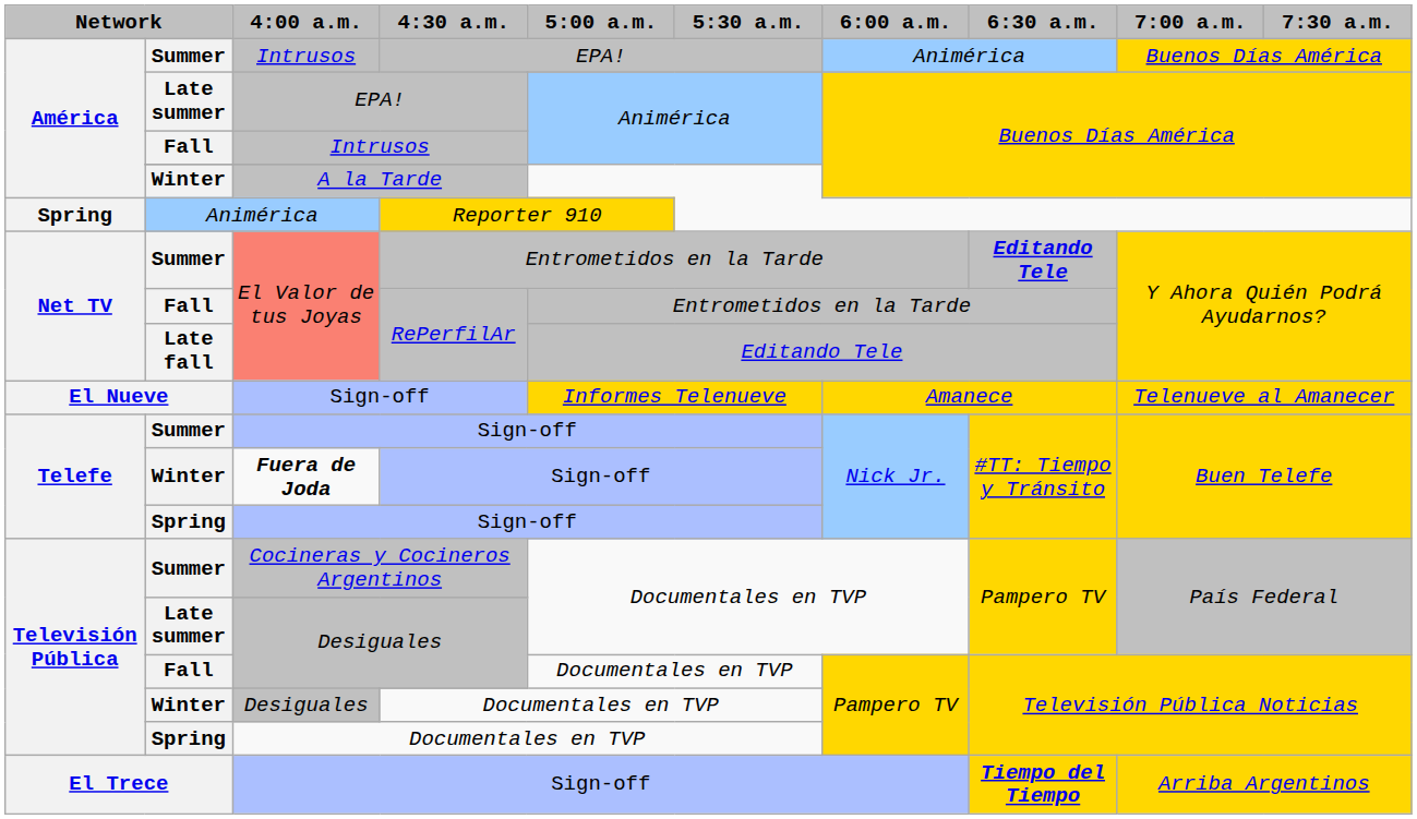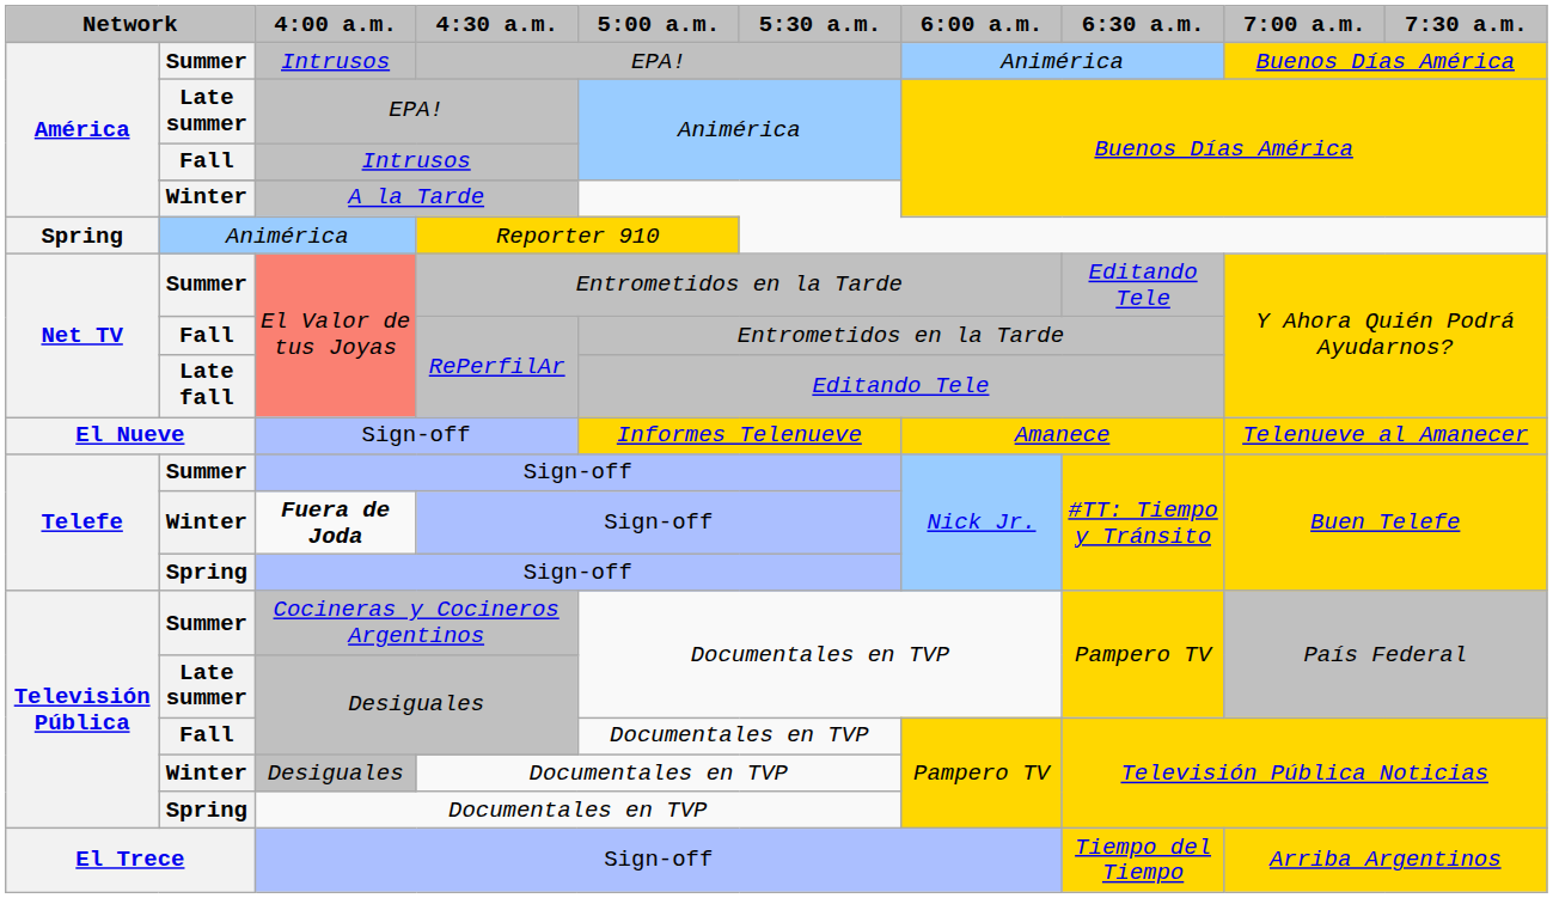 <table class="wikitable" style="width:100%;margin-right:0;text-align:center">
 <tr>
 <th colspan="2" style="background-color:#C0C0C0;width:13%;">Network</th>
 <th style="background-color:#C0C0C0;text-align:center;width:10%;">4:00 a.m.</th>
 <th style="background-color:#C0C0C0;text-align:center;width:10%;">4:30 a.m.</th>
 <th style="background-color:#C0C0C0;text-align:center;width:10%;">5:00 a.m.</th>
 <th style="background-color:#C0C0C0;text-align:center;width:10%;">5:30 a.m.</th>
 <th style="background-color:#C0C0C0;text-align:center;width:10%;">6:00 a.m.</th>
 <th style="background-color:#C0C0C0;text-align:center;width:10%;">6:30 a.m.</th>
 <th style="background-color:#C0C0C0;text-align:center;width:10%;">7:00 a.m.</th>
 <th style="background-color:#C0C0C0;text-align:center;width:10%;">7:30 a.m.</th>
 </tr>
 <tr>
 <th rowspan="5"><a href='#'>América</a></th>
 <th>Summer</th>
 <td style="background:#C0C0C0;"><em><a href='#'>Intrusos</a></em>  </td>
 <td style="background:#C0C0C0;" colspan="3"><em>EPA!</em> </td>
 <td style="background:#99ccff;" colspan="2"><em>Animérica</em></td>
 <td style="background:#ffd700;" colspan="2"><em><a href='#'>Buenos Días América</a></em> </td>
 </tr>
 <tr>
 <th>Late summer</th>
 <td style="background:#C0C0C0;" colspan="2"><em>EPA!</em> </td>
 <td style="background:#99ccff;" colspan="2" rowspan="3"><em>Animérica</em></td>
 <td style="background:#ffd700;" colspan="4" rowspan="4"><em><a href='#'>Buenos Días América</a></em></td>
 </tr>
 <tr>
 <th>Fall</th>
 <td style="background:#C0C0C0;" colspan="2"><em><a href='#'>Intrusos</a></em>  </td>
 </tr>
 <tr>
 </tr>
 <tr>
 <th>Winter</th>
 <td style="background:#C0C0C0;" colspan="2"><em><a href='#'>A la Tarde</a></em> </td>
 </tr>
 <tr>
 <th>Spring</th>
 <td style="background:#99ccff;" colspan="2"><em>Animérica</em></td>
 <td style="background:#ffd700;" colspan="2"><em>Reporter 910</em></td>
 </tr>
 <tr>
 <th rowspan="3"><a href='#'>Net TV</a></th>
 <th>Summer</th>
 <td style="background:#FA8072;" rowspan="3"><em>El Valor de tus Joyas</em> </td>
 <td style="background:#C0C0C0;" colspan="4"><em>Entrometidos en la Tarde</em> </td>
-<td style="background:#C0C0C0;"><strong><em><a href='#'>Editando Tele</a></em> </strong></td>
+<td style="background:#C0C0C0;"><em><a href='#'>Editando Tele</a></em> </td>
 <td style="background:#ffd700;" colspan="2" rowspan="3"><em>Y Ahora Quién Podrá Ayudarnos?</em></td>
 </tr>
 <tr>
 <th>Fall</th>
 <td style="background:#C0C0C0;"  rowspan="2"><em><a href='#'>RePerfilAr</a></em> </td>
 <td style="background:#C0C0C0;" colspan="4"><em>Entrometidos en la Tarde</em> </td>
 </tr>
 <tr>
 <th>Late fall</th>
 <td style="background:#C0C0C0;" colspan="4"><em><a href='#'>Editando Tele</a></em> </td>
 </tr>
 <tr>
 <th colspan="2"><a href='#'>El Nueve</a></th>
 <td style="background:#abbfff;" colspan="2">Sign-off</td>
 <td style="background:#ffd700;" colspan="2"><em><a href='#'>Informes Telenueve</a></em></td>
 <td style="background:#ffd700;" colspan="2"><em><a href='#'>Amanece</a></em></td>
 <td style="background:#ffd700;" colspan="4"><em><a href='#'>Telenueve al Amanecer</a></em> </td>
 </tr>
 <tr>
 <th rowspan="3"><a href='#'>Telefe</a></th>
 <th>Summer</th>
 <td style="background:#abbfff;" colspan="4">Sign-off</td>
 <td style="background:#99ccff;" rowspan="3"><em><a href='#'>Nick Jr.</a></em></td>
 <td style="background:#ffd700;" rowspan="3"><em><a href='#'>#TT: Tiempo y Tránsito</a></em> </td>
 <td style="background:#ffd700;" colspan="3" rowspan="3"><em><a href='#'>Buen Telefe</a></em><br></td>
 </tr>
 <tr>
 <th>Winter</th>
 <td><strong><em>Fuera de Joda</em></strong><br></td>
 <td style="background:#abbfff;" colspan="3">Sign-off</td>
 </tr>
 <tr>
 <th>Spring</th>
 <td style="background:#abbfff;" colspan="4">Sign-off</td>
 </tr>
 <tr>
 <th rowspan="5"><a href='#'>Televisión Pública</a></th>
 <th>Summer</th>
 <td style="background:#C0C0C0;" colspan="2"><em><a href='#'>Cocineras y Cocineros Argentinos</a></em>  </td>
 <td colspan="3" rowspan="2"><em>Documentales en TVP</em> </td>
 <td style="background:#ffd700;" rowspan="2"><em>Pampero TV</em></td>
 <td style="background:#C0C0C0;" colspan="2" rowspan="2"><em>País Federal</em> </td>
 </tr>
 <tr>
 <th>Late summer</th>
 <td style="background:#C0C0C0;" colspan="2" rowspan="2"><em>Desiguales</em>  </td>
 </tr>
 <tr>
 <th>Fall</th>
 <td colspan="2"><em>Documentales en TVP</em> </td>
 <td style="background:#ffd700;" rowspan="3"><em>Pampero TV</em></td>
 <td style="background:#ffd700;" colspan="3" rowspan="3"><em><a href='#'>Televisión Pública Noticias</a></em></td>
 </tr>
 <tr>
 <th>Winter</th>
 <td style="background:#C0C0C0;"><em>Desiguales</em>  </td>
 <td colspan="3"><em>Documentales en TVP</em></td>
 </tr>
 <tr>
 <th>Spring</th>
 <td colspan="4"><em>Documentales en TVP</em></td>
 </tr>
 <tr>
 <th colspan="2"><a href='#'>El Trece</a></th>
 <td style="background:#abbfff;" colspan="5">Sign-off</td>
-<td style="background:#ffd700;"><strong><em><a href='#'>Tiempo del Tiempo</a></em></strong></td>
+<td style="background:#ffd700;"><em><a href='#'>Tiempo del Tiempo</a></em></td>
 <td style="background:#ffd700;" colspan="3"><em><a href='#'>Arriba Argentinos</a></em><br></td>
 </tr>
 </table>
